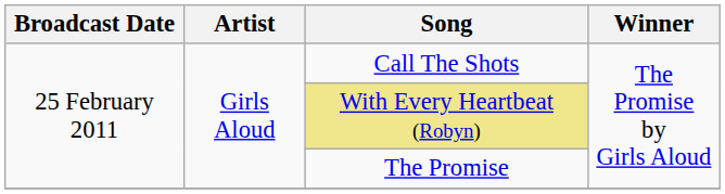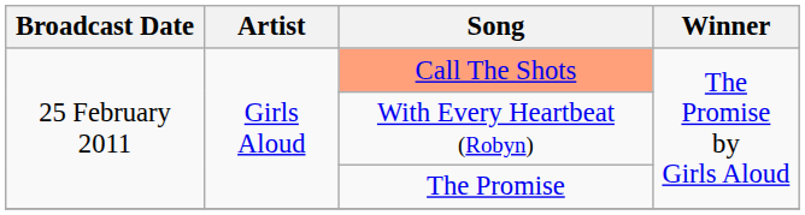 <table class="wikitable" style="text-align:center" width=75%>
 <tr>
 <th>Broadcast Date</th>
 <th>Artist</th>
 <th>Song</th>
 <th>Winner</th>
 </tr>
 <tr>
 <td rowspan="3">25 February 2011</td>
 <td rowspan="3"><a href='#'>Girls Aloud</a></td>
-<td><a href='#'>Call The Shots</a></td>
+<td style="background: lightsalmon;"><a href='#'>Call The Shots</a></td>
 <td rowspan="3"><a href='#'>The Promise</a><br>by<br><a href='#'>Girls Aloud</a></td>
 </tr>
 <tr>
-<td style="background: khaki;"><a href='#'>With Every Heartbeat</a> <small>(<a href='#'>Robyn</a>)</small></td>
+<td><a href='#'>With Every Heartbeat</a> <small>(<a href='#'>Robyn</a>)</small></td>
 </tr>
 <tr>
 <td><a href='#'>The Promise</a></td>
 </tr>
 <tr>
 </tr>
 </table>
